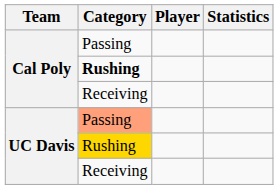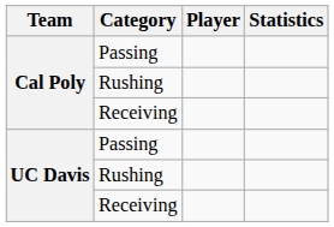 <table class="wikitable" style="float:right">
 <tr>
 <th>Team</th>
 <th>Category</th>
 <th>Player</th>
 <th>Statistics</th>
 </tr>
 <tr>
 <th rowspan=3>Cal Poly</th>
 <td>Passing</td>
 <td></td>
 <td></td>
 </tr>
 <tr>
-<td><strong>Rushing</strong></td>
+<td>Rushing</td>
 <td></td>
 <td></td>
 </tr>
 <tr>
 <td>Receiving</td>
 <td></td>
 <td></td>
 </tr>
 <tr>
 <th rowspan=3>UC Davis</th>
-<td style="background: lightsalmon;">Passing</td>
+<td>Passing</td>
 <td></td>
 <td></td>
 </tr>
 <tr>
-<td style="background: gold;">Rushing</td>
+<td>Rushing</td>
 <td></td>
 <td></td>
 </tr>
 <tr>
 <td>Receiving</td>
 <td></td>
 <td></td>
 </tr>
 </table>
